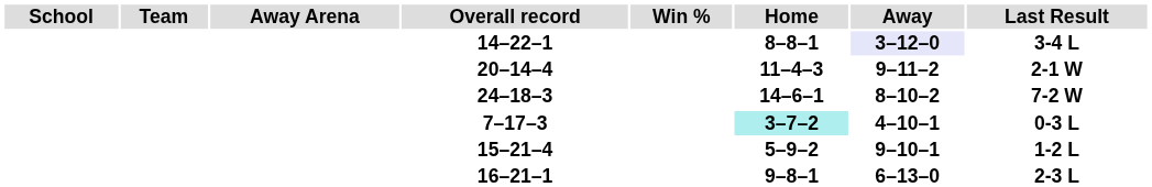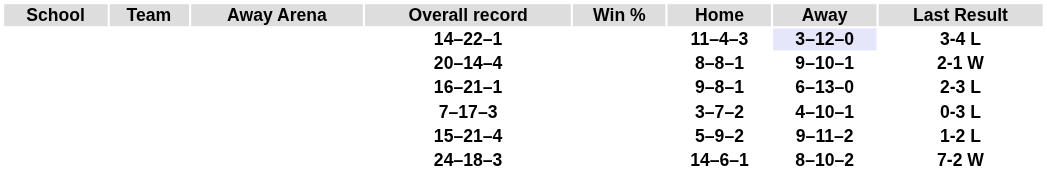 <table width="75%">
 <tr align="center"  bgcolor="#dddddd">
 <th>School</th>
 <th>Team</th>
 <th>Away Arena</th>
 <th>Overall record</th>
 <th>Win %</th>
 <th>Home</th>
 <th>Away</th>
 <th>Last Result</th>
 </tr>
 <tr align="center">
 <td><strong><a href='#'></a></strong></td>
 <td><strong><a href='#'></a></strong></td>
 <td><strong><a href='#'></a> </strong></td>
 <td><strong>14–22–1</strong></td>
 <td><strong></strong></td>
-<td><strong>8–8–1</strong></td>
+<td><strong>11–4–3</strong></td>
 <td style="background: lavender;"><strong>3–12–0</strong></td>
 <td><strong>3-4 L</strong></td>
 </tr>
 <tr align="center">
 <td><strong><a href='#'></a></strong></td>
 <td><strong><a href='#'></a></strong></td>
 <td><strong><a href='#'></a> </strong></td>
 <td><strong>20–14–4</strong></td>
 <td><strong></strong></td>
-<td><strong>11–4–3</strong></td>
+<td><strong>8–8–1</strong></td>
+<td><strong>9–10–1</strong></td>
+<td><strong>2-1 W</strong></td>
+</tr>
+<tr align="center">
+<td><strong><a href='#'></a></strong></td>
+<td><strong><a href='#'></a></strong></td>
+<td><strong><a href='#'></a> </strong></td>
+<td><strong>16–21–1</strong></td>
+<td><strong></strong></td>
+<td><strong>9–8–1</strong></td>
+<td><strong>6–13–0</strong></td>
+<td><strong>2-3 L</strong></td>
+</tr>
+<tr align="center">
+<td><strong><a href='#'></a></strong></td>
+<td><strong><a href='#'></a></strong></td>
+<td><strong><a href='#'></a> </strong></td>
+<td><strong>7–17–3</strong></td>
+<td><strong></strong></td>
+<td><strong>3–7–2</strong></td>
+<td><strong>4–10–1</strong></td>
+<td><strong>0-3 L</strong></td>
+</tr>
+<tr align="center">
+<td><strong><a href='#'></a></strong></td>
+<td><strong><a href='#'></a></strong></td>
+<td><strong><a href='#'></a></strong></td>
+<td><strong>15–21–4</strong></td>
+<td><strong></strong></td>
+<td><strong>5–9–2</strong></td>
 <td><strong>9–11–2</strong></td>
-<td><strong>2-1 W</strong></td>
+<td><strong>1-2 L</strong></td>
 </tr>
 <tr align="center">
 <td><strong><a href='#'></a></strong></td>
 <td><strong><a href='#'></a></strong></td>
 <td><strong><a href='#'></a></strong></td>
 <td><strong>24–18–3</strong></td>
 <td><strong></strong></td>
 <td><strong>14–6–1</strong></td>
 <td><strong>8–10–2</strong></td>
 <td><strong>7-2 W</strong></td>
 </tr>
-<tr align="center">
-<td><strong><a href='#'></a></strong></td>
-<td><strong><a href='#'></a></strong></td>
-<td><strong><a href='#'></a> </strong></td>
-<td><strong>7–17–3</strong></td>
-<td><strong></strong></td>
-<td style="background: paleturquoise;"><strong>3–7–2</strong></td>
-<td><strong>4–10–1</strong></td>
-<td><strong>0-3 L</strong></td>
-</tr>
-<tr align="center">
-<td><strong><a href='#'></a></strong></td>
-<td><strong><a href='#'></a></strong></td>
-<td><strong><a href='#'></a></strong></td>
-<td><strong>15–21–4</strong></td>
-<td><strong></strong></td>
-<td><strong>5–9–2</strong></td>
-<td><strong>9–10–1</strong></td>
-<td><strong>1-2 L</strong></td>
-</tr>
-<tr align="center">
-<td><strong><a href='#'></a></strong></td>
-<td><strong><a href='#'></a></strong></td>
-<td><strong><a href='#'></a> </strong></td>
-<td><strong>16–21–1</strong></td>
-<td><strong></strong></td>
-<td><strong>9–8–1</strong></td>
-<td><strong>6–13–0</strong></td>
-<td><strong>2-3 L</strong></td>
-</tr>
 </table>
